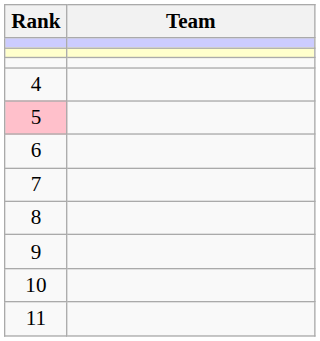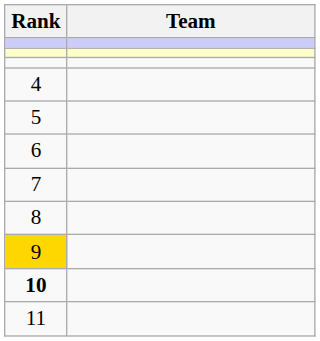 <table class="wikitable" style="text-align: center;">
 <tr>
 <th width=40>Rank</th>
 <th width=180>Team</th>
 </tr>
 <tr bgcolor=#ccccff>
 <td></td>
 <td align="left"></td>
 </tr>
 <tr bgcolor=#ffffcc>
 <td></td>
 <td align="left"></td>
 </tr>
 <tr>
 <td></td>
 <td align="left"></td>
 </tr>
 <tr>
 <td>4</td>
 <td align="left"></td>
 </tr>
 <tr>
-<td style="background: pink;">5</td>
+<td>5</td>
 <td align="left"></td>
 </tr>
 <tr>
 <td>6</td>
 <td align="left"></td>
 </tr>
 <tr>
 <td>7</td>
 <td align="left"></td>
 </tr>
 <tr>
 <td>8</td>
 <td align="left"></td>
 </tr>
 <tr>
-<td>9</td>
+<td style="background: gold;">9</td>
 <td align="left"></td>
 </tr>
 <tr>
-<td>10</td>
+<td><strong>10</strong></td>
 <td align="left"></td>
 </tr>
 <tr>
 <td>11</td>
 <td align="left"></td>
 </tr>
 </table>
